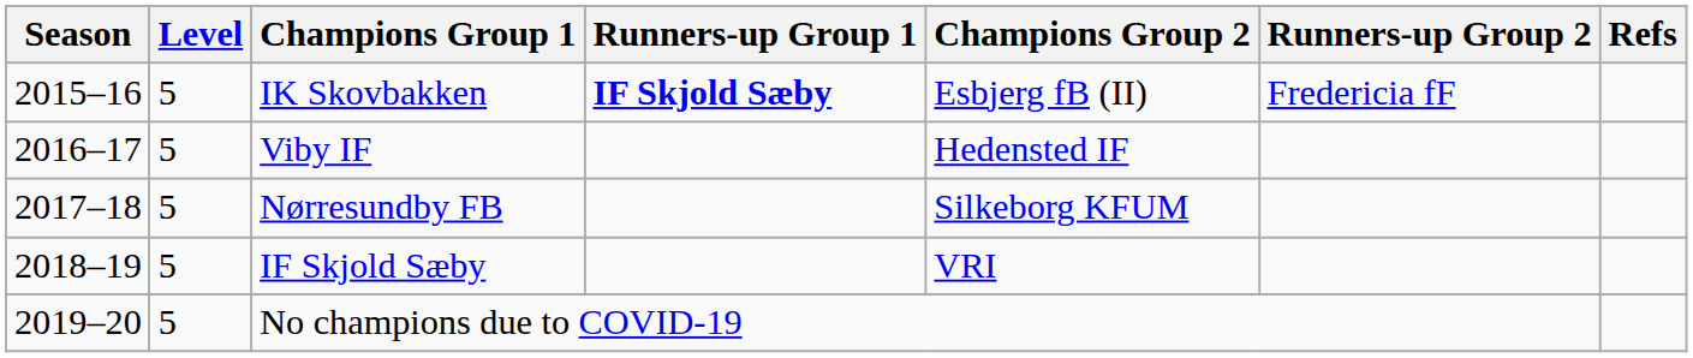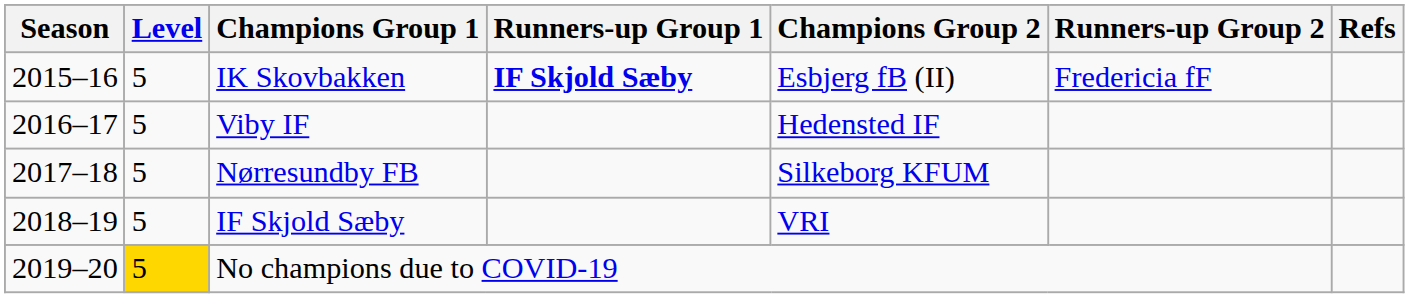 <table class="sortable wikitable plainrowheaders">
 <tr>
 <th>Season</th>
 <th><a href='#'>Level</a></th>
 <th>Champions Group 1</th>
 <th>Runners-up Group 1</th>
 <th>Champions Group 2</th>
 <th>Runners-up Group 2</th>
 <th>Refs</th>
 </tr>
 <tr>
 <td>2015–16</td>
 <td>5</td>
 <td><a href='#'>IK Skovbakken</a></td>
 <td><strong><a href='#'>IF Skjold Sæby</a></strong></td>
 <td><a href='#'>Esbjerg fB</a> (II)</td>
 <td><a href='#'>Fredericia fF</a></td>
 <td></td>
 </tr>
 <tr>
 <td>2016–17</td>
 <td>5</td>
 <td><a href='#'>Viby IF</a></td>
 <td></td>
 <td><a href='#'>Hedensted IF</a></td>
 <td></td>
 <td></td>
 </tr>
 <tr>
 <td>2017–18</td>
 <td>5</td>
 <td><a href='#'>Nørresundby FB</a></td>
 <td></td>
 <td><a href='#'>Silkeborg KFUM</a></td>
 <td></td>
 <td></td>
 </tr>
 <tr>
 <td>2018–19</td>
 <td>5</td>
 <td><a href='#'>IF Skjold Sæby</a></td>
 <td></td>
 <td><a href='#'>VRI</a></td>
 <td></td>
 <td></td>
 </tr>
 <tr>
 <td>2019–20</td>
-<td>5</td>
+<td style="background: gold;">5</td>
 <td colspan="4" rowspan="4">No champions due to <a href='#'>COVID-19</a></td>
 <td></td>
 </tr>
 </table>
